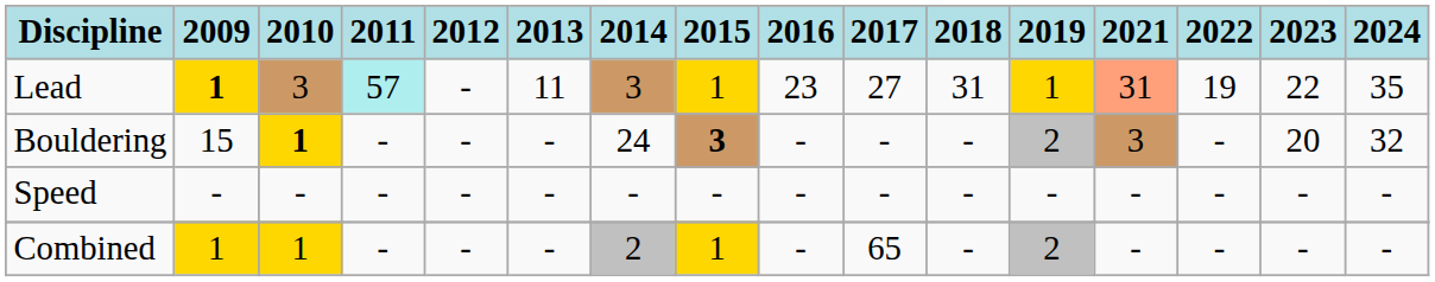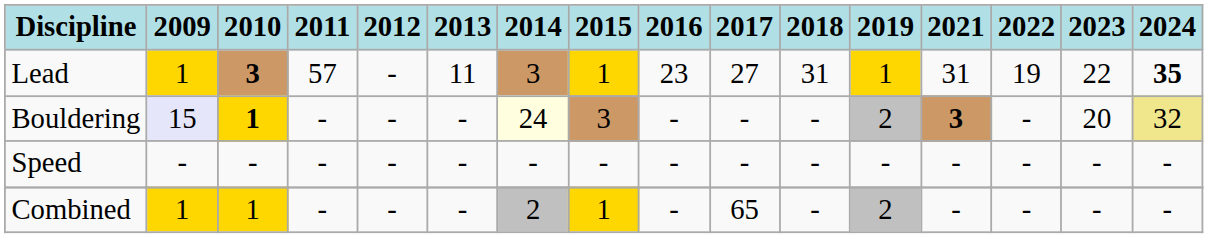 <table class="wikitable" style="text-align: center;">
 <tr>
 <th style="background: #b0e0e6;">Discipline</th>
 <th style="background: #b0e0e6;">2009</th>
 <th style="background: #b0e0e6;">2010</th>
 <th style="background: #b0e0e6;">2011</th>
 <th style="background: #b0e0e6;">2012</th>
 <th style="background: #b0e0e6;">2013</th>
 <th style="background: #b0e0e6;">2014</th>
 <th style="background: #b0e0e6;">2015</th>
 <th style="background: #b0e0e6;">2016</th>
 <th style="background: #b0e0e6;">2017</th>
 <th style="background: #b0e0e6;">2018</th>
 <th style="background: #b0e0e6;">2019</th>
 <th style="background: #b0e0e6;">2021</th>
 <th style="background: #b0e0e6;">2022</th>
 <th style="background: #b0e0e6;">2023</th>
 <th style="background: #b0e0e6;">2024</th>
 </tr>
 <tr>
 <td align="left">Lead</td>
-<td style="background: gold;"><strong>1</strong></td>
-<td style="background: #cc9966;">3</td>
-<td style="background: paleturquoise;">57</td>
+<td style="background: gold;">1</td>
+<td style="background: #cc9966;"><strong>3</strong></td>
+<td>57</td>
 <td>-</td>
 <td>11</td>
 <td style="background: #cc9966;">3</td>
 <td style="background: gold;">1</td>
 <td>23</td>
 <td>27</td>
 <td>31</td>
 <td style="background: gold;">1</td>
-<td style="background: lightsalmon;">31</td>
+<td>31</td>
 <td>19</td>
 <td>22</td>
-<td>35</td>
+<td><strong>35</strong></td>
 </tr>
 <tr>
 <td align="left">Bouldering</td>
-<td>15</td>
+<td style="background: lavender;">15</td>
 <td style="background: gold;"><strong>1</strong></td>
 <td>-</td>
 <td>-</td>
 <td>-</td>
-<td>24</td>
-<td style="background: #cc9966;"><strong>3</strong></td>
+<td style="background: lightyellow;">24</td>
+<td style="background: #cc9966;">3</td>
 <td>-</td>
 <td>-</td>
 <td>-</td>
 <td style="background: silver;">2</td>
-<td style="background: #cc9966;">3</td>
+<td style="background: #cc9966;"><strong>3</strong></td>
 <td>-</td>
 <td>20</td>
-<td>32</td>
+<td style="background: khaki;">32</td>
 </tr>
 <tr>
 <td align="left">Speed</td>
 <td>-</td>
 <td>-</td>
 <td>-</td>
 <td>-</td>
 <td>-</td>
 <td>-</td>
 <td>-</td>
 <td>-</td>
 <td>-</td>
 <td>-</td>
 <td>-</td>
 <td>-</td>
 <td>-</td>
 <td>-</td>
 <td>-</td>
 </tr>
 <tr>
 </tr>
 <tr>
 <td align="left">Combined</td>
 <td style="background: gold;">1</td>
 <td style="background: gold;">1</td>
 <td>-</td>
 <td>-</td>
 <td>-</td>
 <td style="background: silver;">2</td>
 <td style="background: gold;">1</td>
 <td>-</td>
 <td>65</td>
 <td>-</td>
 <td style="background: silver;">2</td>
 <td>-</td>
 <td>-</td>
 <td>-</td>
 <td>-</td>
 </tr>
 </table>
